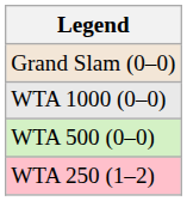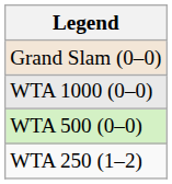 <table class="wikitable" style="font-size:90%;">
 <tr>
 <th>Legend</th>
 </tr>
 <tr>
 <td style="background:#f3e6d7;">Grand Slam (0–0)</td>
 </tr>
 <tr>
 <td style="background:#e9e9e9;">WTA 1000 (0–0)</td>
 </tr>
 <tr>
 <td style="background:#d4f1c5;">WTA 500 (0–0)</td>
 </tr>
 <tr>
-<td style="background: pink;">WTA 250 (1–2)</td>
+<td>WTA 250 (1–2)</td>
 </tr>
 </table>
